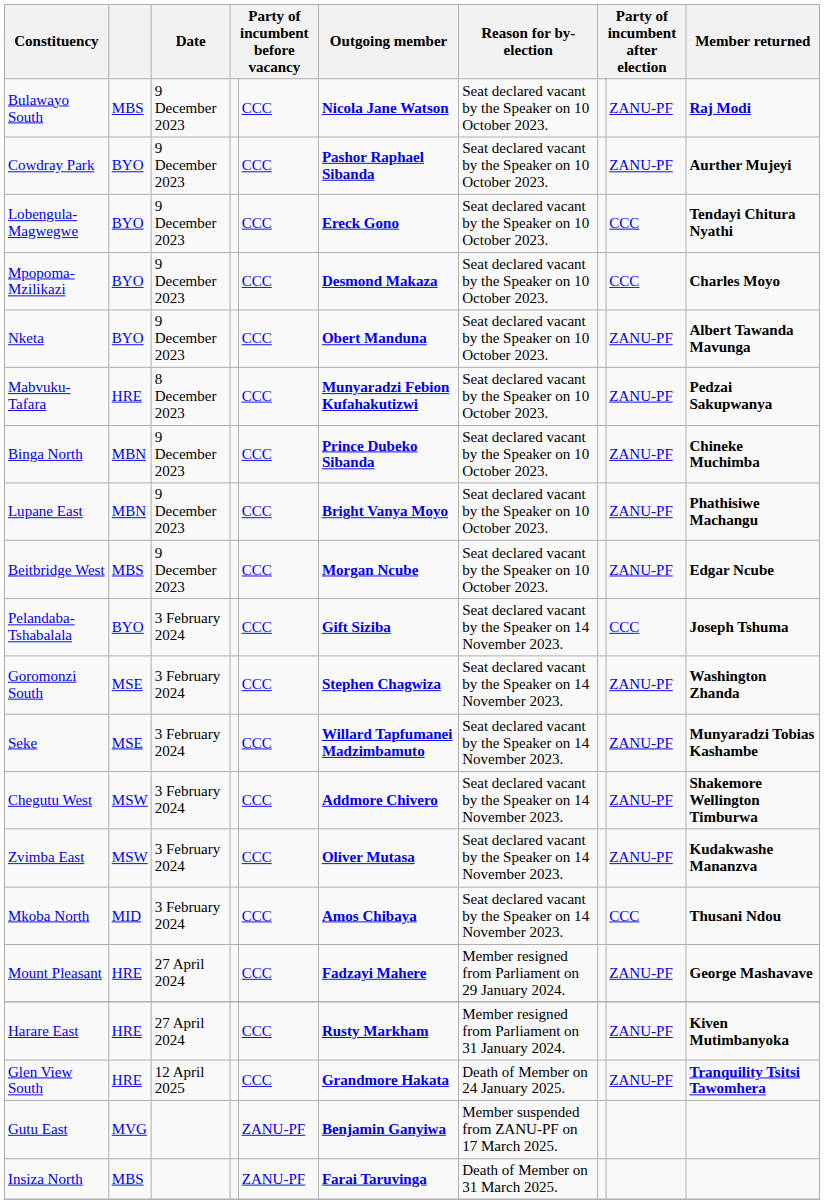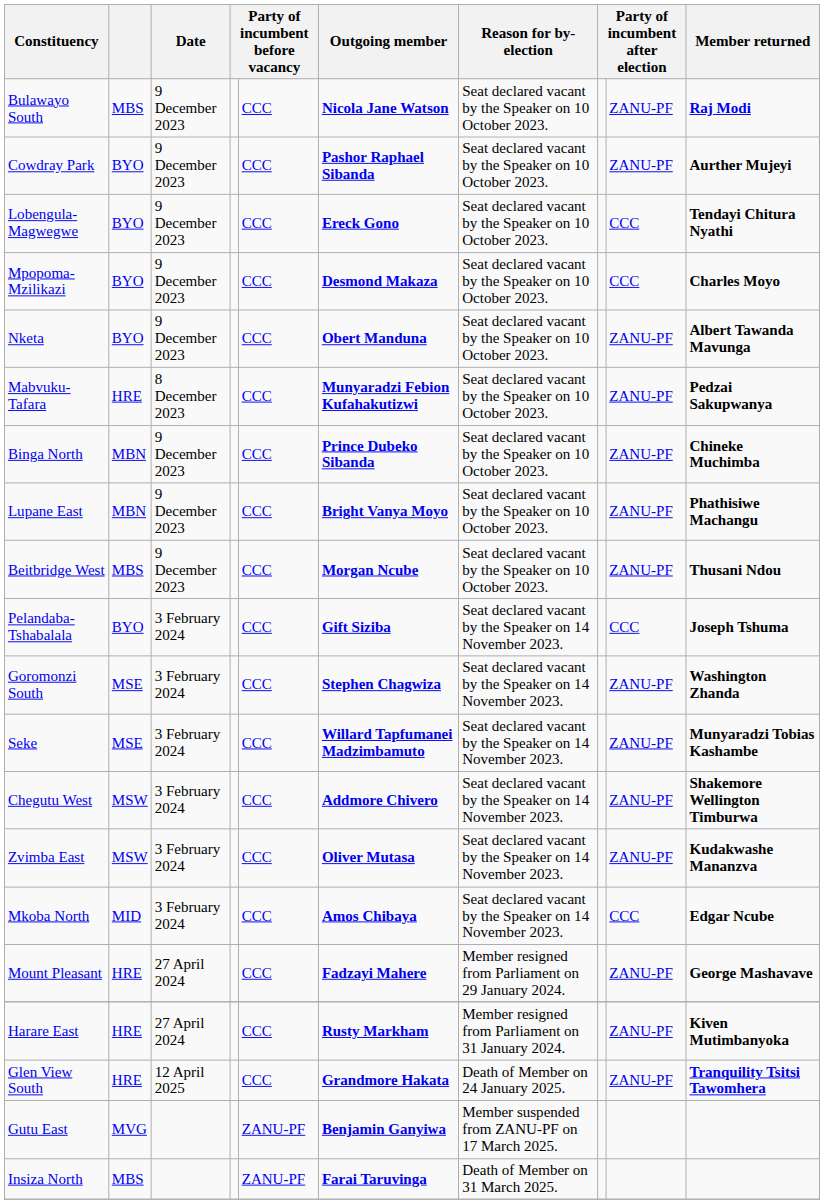 <table class="wikitable sortable" id="elected-mps">
 <tr>
 <th>Constituency</th>
 <th></th>
 <th>Date</th>
 <th colspan="2">Party of incumbent<br>before vacancy</th>
 <th>Outgoing member</th>
 <th>Reason for by-election</th>
 <th colspan="2">Party of incumbent<br>after election</th>
 <th><strong>Member returned</strong></th>
 </tr>
 <tr>
 <td><a href='#'>Bulawayo South</a></td>
 <td><a href='#'>MBS</a></td>
 <td>9 December 2023</td>
 <td style="background-color: "></td>
 <td><a href='#'>CCC</a></td>
 <td data-sort-value="Watson Nicola Jane"><strong><a href='#'>Nicola Jane Watson</a></strong></td>
 <td>Seat declared vacant by the Speaker on 10 October 2023.</td>
 <td style="background-color: "></td>
 <td><a href='#'>ZANU-PF</a></td>
 <td data-sort-value="Modi Raj"><strong><a href='#'>Raj Modi</a></strong></td>
 </tr>
 <tr>
 <td><a href='#'>Cowdray Park</a></td>
 <td><a href='#'>BYO</a></td>
 <td>9 December 2023</td>
 <td style="background-color: "></td>
 <td><a href='#'>CCC</a></td>
 <td data-sort-value="Sibanda Pashor Raphael"><strong><a href='#'>Pashor Raphael Sibanda</a></strong></td>
 <td>Seat declared vacant by the Speaker on 10 October 2023.</td>
 <td style="background-color: "></td>
 <td><a href='#'>ZANU-PF</a></td>
 <td data-sort-value="Mujeyi Aurther"><strong>Aurther Mujeyi</strong></td>
 </tr>
 <tr>
 <td><a href='#'>Lobengula-Magwegwe</a></td>
 <td><a href='#'>BYO</a></td>
 <td>9 December 2023</td>
 <td style="background-color: "></td>
 <td><a href='#'>CCC</a></td>
 <td data-sort-value="Gono Ereck"><strong><a href='#'>Ereck Gono</a></strong></td>
 <td>Seat declared vacant by the Speaker on 10 October 2023.</td>
 <td style="background-color: "></td>
 <td><a href='#'>CCC</a></td>
 <td data-sort-value="Nyathi Tendayi Chitura"><strong>Tendayi Chitura Nyathi</strong></td>
 </tr>
 <tr>
 <td><a href='#'>Mpopoma-Mzilikazi</a></td>
 <td><a href='#'>BYO</a></td>
 <td>9 December 2023</td>
 <td style="background-color: "></td>
 <td><a href='#'>CCC</a></td>
 <td data-sort-value="Makaza Desmond"><strong><a href='#'>Desmond Makaza</a></strong></td>
 <td>Seat declared vacant by the Speaker on 10 October  2023.</td>
 <td style="background-color: "></td>
 <td><a href='#'>CCC</a></td>
 <td data-sort-value="Moyo Charles"><strong>Charles Moyo</strong></td>
 </tr>
 <tr>
 <td><a href='#'>Nketa</a></td>
 <td><a href='#'>BYO</a></td>
 <td>9 December 2023</td>
 <td style="background-color: "></td>
 <td><a href='#'>CCC</a></td>
 <td data-sort-value="Manduna Obert"><strong><a href='#'>Obert Manduna</a></strong></td>
 <td>Seat declared vacant by the Speaker on 10 October 2023.</td>
 <td style="background-color: "></td>
 <td><a href='#'>ZANU-PF</a></td>
 <td data-sort-value="Mavunga Albert Tawanda"><strong>Albert Tawanda Mavunga</strong></td>
 </tr>
 <tr>
 <td><a href='#'>Mabvuku-Tafara</a></td>
 <td><a href='#'>HRE</a></td>
 <td>8 December 2023</td>
 <td style="background-color: "></td>
 <td><a href='#'>CCC</a></td>
 <td data-sort-value="Kufahakutizwi Munyaradzi Febion"><strong><a href='#'>Munyaradzi Febion Kufahakutizwi</a></strong></td>
 <td>Seat declared vacant by the Speaker on 10 October 2023.</td>
 <td style="background-color: "></td>
 <td><a href='#'>ZANU-PF</a></td>
 <td data-sort-value="Sakupwanya Pedzai"><strong>Pedzai Sakupwanya</strong></td>
 </tr>
 <tr>
 <td><a href='#'>Binga North</a></td>
 <td><a href='#'>MBN</a></td>
 <td>9 December 2023</td>
 <td style="background-color: "></td>
 <td><a href='#'>CCC</a></td>
 <td data-sort-value="Sibanda Prince Dubeko"><strong><a href='#'>Prince Dubeko Sibanda</a></strong></td>
 <td>Seat declared vacant by the Speaker on 10 October 2023.</td>
 <td style="background-color: "></td>
 <td><a href='#'>ZANU-PF</a></td>
 <td data-sort-value="Muchimba Chineke"><strong>Chineke Muchimba</strong></td>
 </tr>
 <tr>
 <td><a href='#'>Lupane East</a></td>
 <td><a href='#'>MBN</a></td>
 <td>9 December 2023</td>
 <td style="background-color: "></td>
 <td><a href='#'>CCC</a></td>
 <td data-sort-value="Moyo Bright Vanya"><strong><a href='#'>Bright Vanya Moyo</a></strong></td>
 <td>Seat declared vacant by the Speaker on 10 October 2023.</td>
 <td style="background-color: "></td>
 <td><a href='#'>ZANU-PF</a></td>
 <td data-sort-value="Machangu Phathisiwe"><strong>Phathisiwe Machangu</strong></td>
 </tr>
 <tr>
 <td><a href='#'>Beitbridge West</a></td>
 <td><a href='#'>MBS</a></td>
 <td>9 December 2023</td>
 <td style="background-color: "></td>
 <td><a href='#'>CCC</a></td>
 <td data-sort-value="Ncube Morgan"><strong><a href='#'>Morgan Ncube</a></strong></td>
 <td>Seat declared vacant by the Speaker on 10 October 2023.</td>
 <td style="background-color: "></td>
 <td><a href='#'>ZANU-PF</a></td>
-<td data-sort-value="Ncube Edgar"><strong>Edgar Ncube</strong></td>
+<td data-sort-value="Ndou Thusani"><strong>Thusani Ndou</strong></td>
 </tr>
 <tr>
 <td><a href='#'>Pelandaba-Tshabalala</a></td>
 <td><a href='#'>BYO</a></td>
 <td>3 February 2024</td>
 <td style="background-color: "></td>
 <td><a href='#'>CCC</a></td>
 <td data-sort-value="Siziba Gift"><strong><a href='#'>Gift Siziba</a></strong></td>
 <td>Seat declared vacant by the Speaker on 14 November 2023.</td>
 <td style="background-color: "></td>
 <td><a href='#'>CCC</a></td>
 <td data-sort-value="Tshuma Joseph"><strong>Joseph Tshuma</strong></td>
 </tr>
 <tr>
 <td><a href='#'>Goromonzi South</a></td>
 <td><a href='#'>MSE</a></td>
 <td>3 February 2024</td>
 <td style="background-color: "></td>
 <td><a href='#'>CCC</a></td>
 <td data-sort-value="Chagwiza Stephen"><strong><a href='#'>Stephen Chagwiza</a></strong></td>
 <td>Seat declared vacant by the Speaker on 14 November 2023.</td>
 <td style="background-color: "></td>
 <td><a href='#'>ZANU-PF</a></td>
 <td data-sort-value="Zhanda Washington"><strong>Washington Zhanda</strong></td>
 </tr>
 <tr>
 <td><a href='#'>Seke</a></td>
 <td><a href='#'>MSE</a></td>
 <td>3 February 2024</td>
 <td style="background-color: "></td>
 <td><a href='#'>CCC</a></td>
 <td data-sort-value="Madzimbamuto Willard Tapfumanei"><strong><a href='#'>Willard Tapfumanei Madzimbamuto</a></strong></td>
 <td>Seat declared vacant by the Speaker on 14 November 2023.</td>
 <td style="background-color: "></td>
 <td><a href='#'>ZANU-PF</a></td>
 <td data-sort-value="Kashambe Munyaradzi Tobias"><strong>Munyaradzi Tobias Kashambe</strong></td>
 </tr>
 <tr>
 <td><a href='#'>Chegutu West</a></td>
 <td><a href='#'>MSW</a></td>
 <td>3 February 2024</td>
 <td style="background-color: "></td>
 <td><a href='#'>CCC</a></td>
 <td data-sort-value="Chivero Addmore"><strong><a href='#'>Addmore Chivero</a></strong></td>
 <td>Seat declared vacant by the Speaker on 14 November 2023.</td>
 <td style="background-color: "></td>
 <td><a href='#'>ZANU-PF</a></td>
 <td data-sort-value="Timburwa Shakemore Wellington"><strong>Shakemore Wellington Timburwa</strong></td>
 </tr>
 <tr>
 <td><a href='#'>Zvimba East</a></td>
 <td><a href='#'>MSW</a></td>
 <td>3 February 2024</td>
 <td style="background-color: "></td>
 <td><a href='#'>CCC</a></td>
 <td data-sort-value="Mutasa Oliver"><strong><a href='#'>Oliver Mutasa</a></strong></td>
 <td>Seat declared vacant by the Speaker on 14 November 2023.</td>
 <td style="background-color: "></td>
 <td><a href='#'>ZANU-PF</a></td>
 <td data-sort-value="Mananzva Kudakwashe"><strong>Kudakwashe Mananzva</strong></td>
 </tr>
 <tr>
 <td><a href='#'>Mkoba North</a></td>
 <td><a href='#'>MID</a></td>
 <td>3 February 2024</td>
 <td style="background-color: "></td>
 <td><a href='#'>CCC</a></td>
 <td data-sort-value="Chibaya Amos"><strong><a href='#'>Amos Chibaya</a></strong></td>
 <td>Seat declared vacant by the Speaker on 14 November 2023.</td>
 <td style="background-color: "></td>
 <td><a href='#'>CCC</a></td>
-<td data-sort-value="Ndou Thusani"><strong>Thusani Ndou</strong></td>
+<td data-sort-value="Ncube Edgar"><strong>Edgar Ncube</strong></td>
 </tr>
 <tr>
 <td><a href='#'>Mount Pleasant</a></td>
 <td><a href='#'>HRE</a></td>
 <td>27 April 2024</td>
 <td style="background-color: "></td>
 <td><a href='#'>CCC</a></td>
 <td data-sort-value="Mahere Fadzai"><strong><a href='#'>Fadzayi Mahere</a></strong></td>
 <td>Member resigned from Parliament on 29 January 2024.</td>
 <td style="background-color: "></td>
 <td><a href='#'>ZANU-PF</a></td>
 <td data-sort-value="Mashavave George"><strong>George Mashavave</strong></td>
 </tr>
 <tr>
 </tr>
 <tr>
 <td><a href='#'>Harare East</a></td>
 <td><a href='#'>HRE</a></td>
 <td>27 April 2024</td>
 <td style="background-color: "></td>
 <td><a href='#'>CCC</a></td>
 <td data-sort-value="Markham Allan Norman"><strong><a href='#'>Rusty Markham</a></strong></td>
 <td>Member resigned from Parliament on 31 January 2024.</td>
 <td style="background-color: "></td>
 <td><a href='#'>ZANU-PF</a></td>
 <td data-sort-value="Mutimbanyoka Kiven"><strong>Kiven Mutimbanyoka</strong></td>
 </tr>
 <tr>
 <td><a href='#'>Glen View South</a></td>
 <td><a href='#'>HRE</a></td>
 <td>12 April 2025</td>
 <td style="background-color: "></td>
 <td><a href='#'>CCC</a></td>
 <td data-sort-value="Hakata Grandmore"><strong><a href='#'>Grandmore Hakata</a></strong></td>
 <td>Death of Member on 24 January 2025.</td>
 <td style="background-color: "></td>
 <td><a href='#'>ZANU-PF</a></td>
 <td data-sort-value="Tawomhera Tranquility Tsitsi"><strong><a href='#'>Tranquility Tsitsi Tawomhera</a></strong></td>
 </tr>
 <tr>
 <td><a href='#'>Gutu East</a></td>
 <td><a href='#'>MVG</a></td>
 <td></td>
 <td style="background-color: "></td>
 <td><a href='#'>ZANU-PF</a></td>
 <td data-sort-value="Ganyiwa Benjamin"><strong><a href='#'>Benjamin Ganyiwa</a></strong></td>
 <td>Member suspended from ZANU-PF on 17 March 2025.</td>
 <td></td>
 <td></td>
 <td></td>
 </tr>
 <tr>
 <td><a href='#'>Insiza North</a></td>
 <td><a href='#'>MBS</a></td>
 <td></td>
 <td style="background-color: "></td>
 <td><a href='#'>ZANU-PF</a></td>
 <td data-sort-value="Taruvinga Farai"><strong><a href='#'>Farai Taruvinga</a></strong></td>
 <td>Death of Member on 31 March 2025.</td>
 <td></td>
 <td></td>
 <td></td>
 </tr>
 <tr>
 </tr>
 </table>
